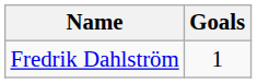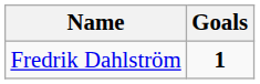 <table class="wikitable">
 <tr>
 <th>Name</th>
 <th>Goals</th>
 </tr>
 <tr>
 <td> <a href='#'>Fredrik Dahlström</a></td>
-<td style="text-align:center;">1</td>
+<td style="text-align:center;"><strong>1</strong></td>
 </tr>
 </table>
